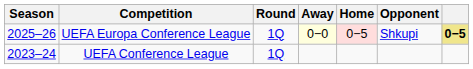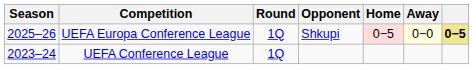 <table class="wikitable" style="text-align:center">
 <tr>
 <th>Season</th>
 <th>Competition</th>
 <th>Round</th>
+<th>Opponent</th>
+<th>Home</th>
 <th>Away</th>
-<th>Home</th>
-<th>Opponent</th>
 <th></th>
 </tr>
 <tr>
 <td><a href='#'>2025–26</a></td>
 <td><a href='#'>UEFA Europa Conference League</a></td>
 <td><a href='#'>1Q</a></td>
+<td align="left"> <a href='#'>Shkupi</a></td>
+<td style="text-align:center; background:#fdd;">0−5</td>
 <td style="text-align:center; background:#ffd;">0−0</td>
-<td style="text-align:center; background:#fdd;">0−5</td>
-<td align="left"> <a href='#'>Shkupi</a></td>
 <td style="background: khaki;"><strong>0−5</strong></td>
 </tr>
 <tr>
 <td><a href='#'>2023–24</a></td>
 <td><a href='#'>UEFA Conference League</a></td>
 <td><a href='#'>1Q</a></td>
+<td align="left"></td>
 <td style="text-align:center;"></td>
 <td style="text-align:center;"></td>
-<td align="left"></td>
 <td></td>
 </tr>
 </table>
